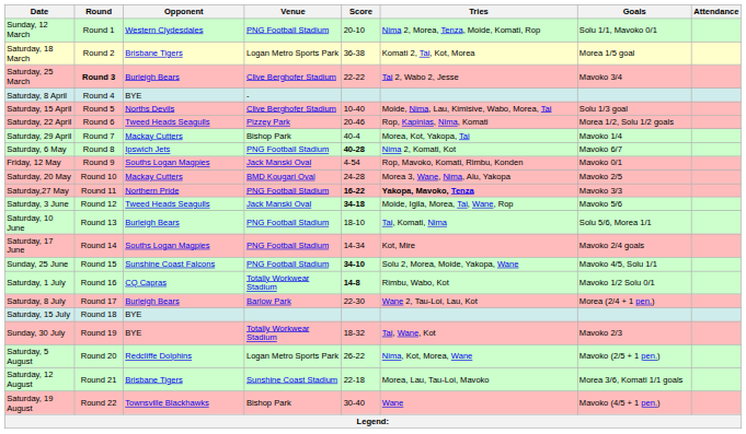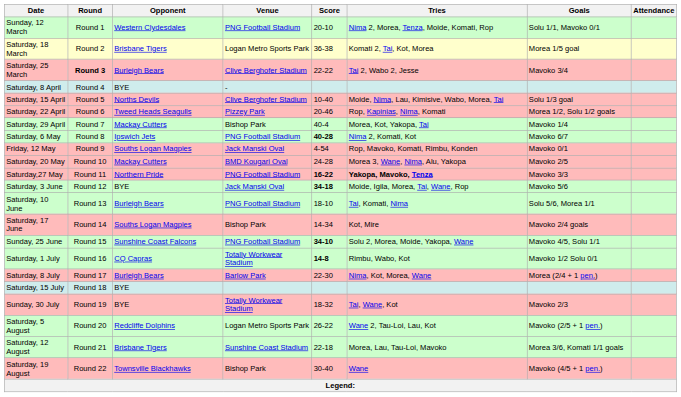 <table class="wikitable" style="font-size:75%;">
 <tr>
 <th style="width:95px;">Date</th>
 <th style="width:65px;">Round</th>
 <th style="width:170px;">Opponent</th>
 <th style="width:135px;">Venue</th>
 <th style="width:50px;">Score</th>
 <th style="width:280px;">Tries</th>
 <th style="width:160px;">Goals</th>
 <th style="width:60px;">Attendance</th>
 </tr>
 <tr style="background:#CCFFCC">
 <td>Sunday, 12 March</td>
 <td style="text-align:center;">Round 1</td>
 <td> <a href='#'>Western Clydesdales</a></td>
 <td><a href='#'>PNG Football Stadium</a></td>
 <td>20-10</td>
 <td><a href='#'>Nima</a> 2, Morea, <a href='#'>Tenza</a>, Moide, Komati, Rop</td>
 <td>Solu 1/1, Mavoko 0/1</td>
 <td style="text-align:center;"></td>
 </tr>
 <tr style="background:#FFFFCC">
 <td>Saturday, 18 March</td>
 <td style="text-align:center;">Round 2</td>
 <td> <a href='#'>Brisbane Tigers</a></td>
 <td>Logan Metro Sports Park</td>
 <td>36-38</td>
 <td>Komati 2, <a href='#'>Tai</a>, Kot, Morea</td>
 <td>Morea 1/5 goal</td>
 <td style="text-align:center;"></td>
 </tr>
 <tr style="background:#FFBBBB">
 <td>Saturday, 25 March</td>
 <td style="text-align:center;"><strong>Round 3</strong></td>
 <td> <a href='#'>Burleigh Bears</a></td>
 <td><a href='#'>Clive Berghofer Stadium</a></td>
 <td>22-22</td>
 <td><a href='#'>Tai</a> 2, Wabo 2, Jesse</td>
 <td>Mavoko 3/4</td>
 <td style="text-align:center;"></td>
 </tr>
 <tr style="background:#cfecec">
 <td>Saturday, 8 April</td>
 <td style="text-align:center;">Round 4</td>
 <td>BYE</td>
 <td>-</td>
 <td></td>
 <td></td>
 <td></td>
 <td style="text-align:center;"></td>
 </tr>
 <tr style="background:#FFBBBB">
 <td>Saturday, 15 April</td>
 <td style="text-align:center;">Round 5</td>
 <td> <a href='#'>Norths Devils</a></td>
 <td><a href='#'>Clive Berghofer Stadium</a></td>
 <td>10-40</td>
 <td>Moide, <a href='#'>Nima</a>, Lau, Kimisive, Wabo, Morea, <a href='#'>Tai</a></td>
 <td>Solu 1/3 goal</td>
 <td style="text-align:center;"></td>
 </tr>
 <tr style="background:#FFBBBB">
 <td>Saturday, 22 April</td>
 <td style="text-align:center;">Round 6</td>
 <td> <a href='#'>Tweed Heads Seagulls</a></td>
 <td><a href='#'>Pizzey Park</a></td>
 <td>20-46</td>
 <td>Rop, <a href='#'>Kapinias</a>, <a href='#'>Nima</a>, Komati</td>
 <td>Morea 1/2, Solu 1/2 goals</td>
 <td style="text-align:center;"></td>
 </tr>
 <tr style="background:#CCFFCC">
 <td>Saturday, 29 April</td>
 <td style="text-align:center;">Round 7</td>
 <td> <a href='#'>Mackay Cutters</a></td>
 <td>Bishop Park</td>
 <td>40-4</td>
 <td>Morea, Kot, Yakopa, <a href='#'>Tai</a></td>
 <td>Mavoko 1/4</td>
 <td style="text-align:center;"></td>
 </tr>
 <tr style="background:#CCFFCC">
 <td>Saturday, 6 May</td>
 <td style="text-align:center;">Round 8</td>
 <td> <a href='#'>Ipswich Jets</a></td>
 <td><a href='#'>PNG Football Stadium</a></td>
 <td><strong>40-28</strong></td>
 <td><a href='#'>Nima</a> 2, Komati, Kot</td>
 <td>Mavoko 6/7</td>
 <td style="text-align:center;"></td>
 </tr>
 <tr style="background:#FFBBBB">
 <td>Friday, 12 May</td>
 <td style="text-align:center;">Round 9</td>
 <td> <a href='#'>Souths Logan Magpies</a></td>
 <td><a href='#'>Jack Manski Oval</a></td>
 <td>4-54</td>
 <td>Rop, Mavoko, Komati, Rimbu, Konden</td>
 <td>Mavoko 0/1</td>
 <td style="text-align:center;"></td>
 </tr>
 <tr style="background:#FFBBBB">
 <td>Saturday, 20 May</td>
 <td style="text-align:center;">Round 10</td>
 <td> <a href='#'>Mackay Cutters</a></td>
 <td><a href='#'>BMD Kougari Oval</a></td>
 <td>24-28</td>
 <td>Morea 3, <a href='#'>Wane</a>, <a href='#'>Nima</a>, Alu, Yakopa</td>
 <td>Mavoko 2/5</td>
 <td style="text-align:center;"></td>
 </tr>
 <tr style="background:#FFBBBB">
 <td>Saturday,27 May</td>
 <td style="text-align:center;">Round 11</td>
 <td> <a href='#'>Northern Pride</a></td>
 <td><a href='#'>PNG Football Stadium</a></td>
 <td><strong>16-22</strong></td>
 <td><strong>Yakopa, Mavoko, <a href='#'>Tenza</a></strong></td>
 <td>Mavoko 3/3</td>
 <td style="text-align:center;"></td>
 </tr>
 <tr style="background:#CCFFCC">
 <td>Saturday, 3 June</td>
 <td style="text-align:center;">Round 12</td>
-<td> <a href='#'>Tweed Heads Seagulls</a></td>
+<td>BYE</td>
 <td><a href='#'>Jack Manski Oval</a></td>
 <td><strong>34-18</strong></td>
 <td>Moide, Igila, Morea, <a href='#'>Tai</a>, <a href='#'>Wane</a>, Rop</td>
 <td>Mavoko 5/6</td>
 <td style="text-align:center;"></td>
 </tr>
 <tr style="background:#CCFFCC">
 <td>Saturday, 10 June</td>
 <td style="text-align:center;">Round 13</td>
 <td> <a href='#'>Burleigh Bears</a></td>
 <td><a href='#'>PNG Football Stadium</a></td>
 <td>18-10</td>
 <td><a href='#'>Tai</a>, Komati, <a href='#'>Nima</a></td>
 <td>Solu 5/6, Morea 1/1</td>
 <td style="text-align:center;"></td>
 </tr>
 <tr style="background:#FFBBBB">
 <td>Saturday, 17 June</td>
 <td style="text-align:center;">Round 14</td>
 <td> <a href='#'>Souths Logan Magpies</a></td>
-<td><a href='#'>PNG Football Stadium</a></td>
+<td>Bishop Park</td>
 <td>14-34</td>
 <td>Kot, Mire</td>
 <td>Mavoko 2/4 goals</td>
 <td style="text-align:center;"></td>
 </tr>
 <tr style="background:#CCFFCC">
 <td>Sunday, 25 June</td>
 <td style="text-align:center;">Round 15</td>
 <td>   <a href='#'>Sunshine Coast Falcons</a></td>
 <td><a href='#'>PNG Football Stadium</a></td>
 <td><strong>34-10</strong></td>
 <td>Solu 2, Morea, Moide, Yakopa, <a href='#'>Wane</a></td>
 <td>Mavoko 4/5, Solu 1/1</td>
 <td style="text-align:center;"></td>
 </tr>
 <tr style="background:#CCFFCC">
 <td>Saturday, 1 July</td>
 <td style="text-align:center;">Round 16</td>
 <td> <a href='#'>CQ Capras</a></td>
 <td><a href='#'>Totally Workwear Stadium</a></td>
 <td><strong>14-8</strong></td>
 <td>Rimbu, Wabo, Kot</td>
 <td>Mavoko 1/2 Solu 0/1</td>
 <td style="text-align:center;"></td>
 </tr>
 <tr style="background:#FFBBBB">
 <td>Saturday, 8 July</td>
 <td style="text-align:center;">Round 17</td>
 <td> <a href='#'>Burleigh Bears</a></td>
 <td><a href='#'>Barlow Park</a></td>
 <td>22-30</td>
-<td><a href='#'>Wane</a> 2, Tau-Loi, Lau, Kot</td>
+<td><a href='#'>Nima</a>, Kot, Morea, <a href='#'>Wane</a></td>
 <td>Morea (2/4 + 1 <a href='#'>pen.</a>)</td>
 <td style="text-align:center;"></td>
 </tr>
 <tr style="background:#cfecec">
 <td>Saturday, 15 July</td>
 <td style="text-align:center;">Round 18</td>
 <td>BYE</td>
 <td></td>
 <td></td>
 <td></td>
 <td></td>
 <td style="text-align:center;"></td>
 </tr>
 <tr style="background:#FFBBBB">
 <td>Sunday, 30 July</td>
 <td style="text-align:center;">Round 19</td>
 <td>BYE</td>
 <td><a href='#'>Totally Workwear Stadium</a></td>
 <td>18-32</td>
 <td><a href='#'>Tai</a>, <a href='#'>Wane</a>, Kot</td>
 <td>Mavoko 2/3</td>
 <td style="text-align:center;"></td>
 </tr>
 <tr style="background:#CCFFCC">
 <td>Saturday, 5 August</td>
 <td style="text-align:center;">Round 20</td>
 <td> <a href='#'>Redcliffe Dolphins</a></td>
 <td>Logan Metro Sports Park</td>
 <td>26-22</td>
-<td><a href='#'>Nima</a>, Kot, Morea, <a href='#'>Wane</a></td>
+<td><a href='#'>Wane</a> 2, Tau-Loi, Lau, Kot</td>
 <td>Mavoko (2/5 + 1 <a href='#'>pen.</a>)</td>
 <td style="text-align:center;"></td>
 </tr>
 <tr style="background:#CCFFCC">
 <td>Saturday, 12 August</td>
 <td style="text-align:center;">Round 21</td>
 <td> <a href='#'>Brisbane Tigers</a></td>
 <td><a href='#'>Sunshine Coast Stadium</a></td>
 <td>22-18</td>
 <td>Morea, Lau, Tau-Loi, Mavoko</td>
 <td>Morea 3/6, Komati 1/1 goals</td>
 <td style="text-align:center;"></td>
 </tr>
 <tr style="background:#FFBBBB">
 <td>Saturday, 19 August</td>
 <td style="text-align:center;">Round 22</td>
 <td> <a href='#'>Townsville Blackhawks</a></td>
 <td>Bishop Park</td>
 <td>30-40</td>
 <td><a href='#'>Wane</a></td>
 <td>Mavoko (4/5 + 1 <a href='#'>pen.</a>)</td>
 <td style="text-align:center;"></td>
 </tr>
 <tr>
 <th colspan="11"><strong>Legend</strong>:    </th>
 </tr>
 </table>
